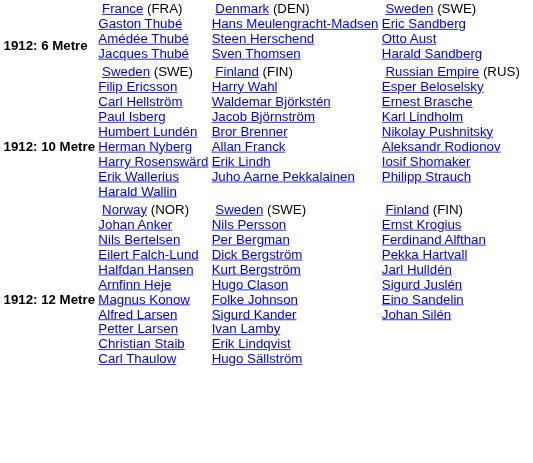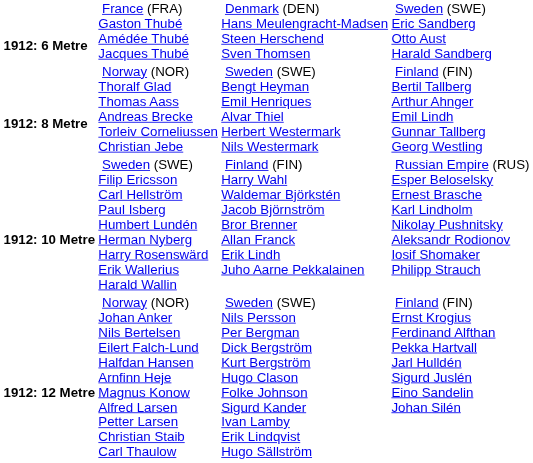 <table>
 <tr>
 <td style="align:center;"><br><br><strong>1912: 6 Metre</strong> <br></td>
 <td style="vertical-align:top;"> <a href='#'>France</a> <span>(FRA)</span><br><a href='#'>Gaston Thubé</a><br><a href='#'>Amédée Thubé</a><br><a href='#'>Jacques Thubé</a></td>
 <td style="vertical-align:top;"> <a href='#'>Denmark</a> <span>(DEN)</span><br><a href='#'>Hans Meulengracht-Madsen</a><br><a href='#'>Steen Herschend</a><br><a href='#'>Sven Thomsen</a></td>
 <td style="vertical-align:top;"> <a href='#'>Sweden</a> <span>(SWE)</span><br><a href='#'>Eric Sandberg</a><br><a href='#'>Otto Aust</a><br><a href='#'>Harald Sandberg</a></td>
+</tr>
+<tr>
+<td style="align:center;"><br><br><strong>1912: 8 Metre</strong> <br></td>
+<td style="vertical-align:top;"> <a href='#'>Norway</a> <span>(NOR)</span><br><a href='#'>Thoralf Glad</a><br><a href='#'>Thomas Aass</a><br><a href='#'>Andreas Brecke</a><br><a href='#'>Torleiv Corneliussen</a><br><a href='#'>Christian Jebe</a></td>
+<td style="vertical-align:top;"> <a href='#'>Sweden</a> <span>(SWE)</span><br><a href='#'>Bengt Heyman</a><br><a href='#'>Emil Henriques</a><br><a href='#'>Alvar Thiel</a><br><a href='#'>Herbert Westermark</a><br><a href='#'>Nils Westermark</a></td>
+<td style="vertical-align:top;"> <a href='#'>Finland</a> <span>(FIN)</span><br><a href='#'>Bertil Tallberg</a><br><a href='#'>Arthur Ahnger</a><br><a href='#'>Emil Lindh</a><br><a href='#'>Gunnar Tallberg</a><br><a href='#'>Georg Westling</a></td>
 </tr>
 <tr>
 <td style="align:center;"><br><br><strong>1912: 10 Metre</strong> <br></td>
 <td style="vertical-align:top;"> <a href='#'>Sweden</a> <span>(SWE)</span><br><a href='#'>Filip Ericsson</a><br><a href='#'>Carl Hellström</a><br><a href='#'>Paul Isberg</a><br><a href='#'>Humbert Lundén</a><br><a href='#'>Herman Nyberg</a><br><a href='#'>Harry Rosenswärd</a><br><a href='#'>Erik Wallerius</a><br><a href='#'>Harald Wallin</a></td>
 <td style="vertical-align:top;"> <a href='#'>Finland</a> <span>(FIN)</span><br><a href='#'>Harry Wahl</a><br><a href='#'>Waldemar Björkstén</a><br><a href='#'>Jacob Björnström</a><br><a href='#'>Bror Brenner</a><br><a href='#'>Allan Franck</a><br><a href='#'>Erik Lindh</a><br><a href='#'>Juho Aarne Pekkalainen</a></td>
 <td style="vertical-align:top;"> <a href='#'>Russian Empire</a> <span>(RUS)</span><br><a href='#'>Esper Beloselsky</a><br><a href='#'>Ernest Brasche</a><br><a href='#'>Karl Lindholm</a><br><a href='#'>Nikolay Pushnitsky</a><br><a href='#'>Aleksandr Rodionov</a><br><a href='#'>Iosif Shomaker</a><br><a href='#'>Philipp Strauch</a></td>
 </tr>
 <tr>
 <td style="align:center;"><br><br><strong>1912: 12 Metre</strong> <br></td>
 <td style="vertical-align:top;"> <a href='#'>Norway</a> <span>(NOR)</span><br><a href='#'>Johan Anker</a><br><a href='#'>Nils Bertelsen</a><br><a href='#'>Eilert Falch-Lund</a><br><a href='#'>Halfdan Hansen</a><br><a href='#'>Arnfinn Heje</a><br><a href='#'>Magnus Konow</a><br><a href='#'>Alfred Larsen</a><br><a href='#'>Petter Larsen</a><br><a href='#'>Christian Staib</a><br><a href='#'>Carl Thaulow</a></td>
 <td style="vertical-align:top;"> <a href='#'>Sweden</a> <span>(SWE)</span><br><a href='#'>Nils Persson</a><br><a href='#'>Per Bergman</a><br><a href='#'>Dick Bergström</a><br><a href='#'>Kurt Bergström</a><br><a href='#'>Hugo Clason</a><br><a href='#'>Folke Johnson</a><br><a href='#'>Sigurd Kander</a><br><a href='#'>Ivan Lamby</a><br><a href='#'>Erik Lindqvist</a><br><a href='#'>Hugo Sällström</a></td>
 <td style="vertical-align:top;"> <a href='#'>Finland</a> <span>(FIN)</span><br><a href='#'>Ernst Krogius</a><br><a href='#'>Ferdinand Alfthan</a><br><a href='#'>Pekka Hartvall</a><br><a href='#'>Jarl Hulldén</a><br><a href='#'>Sigurd Juslén</a><br><a href='#'>Eino Sandelin</a><br><a href='#'>Johan Silén</a></td>
 </tr>
 </table>
